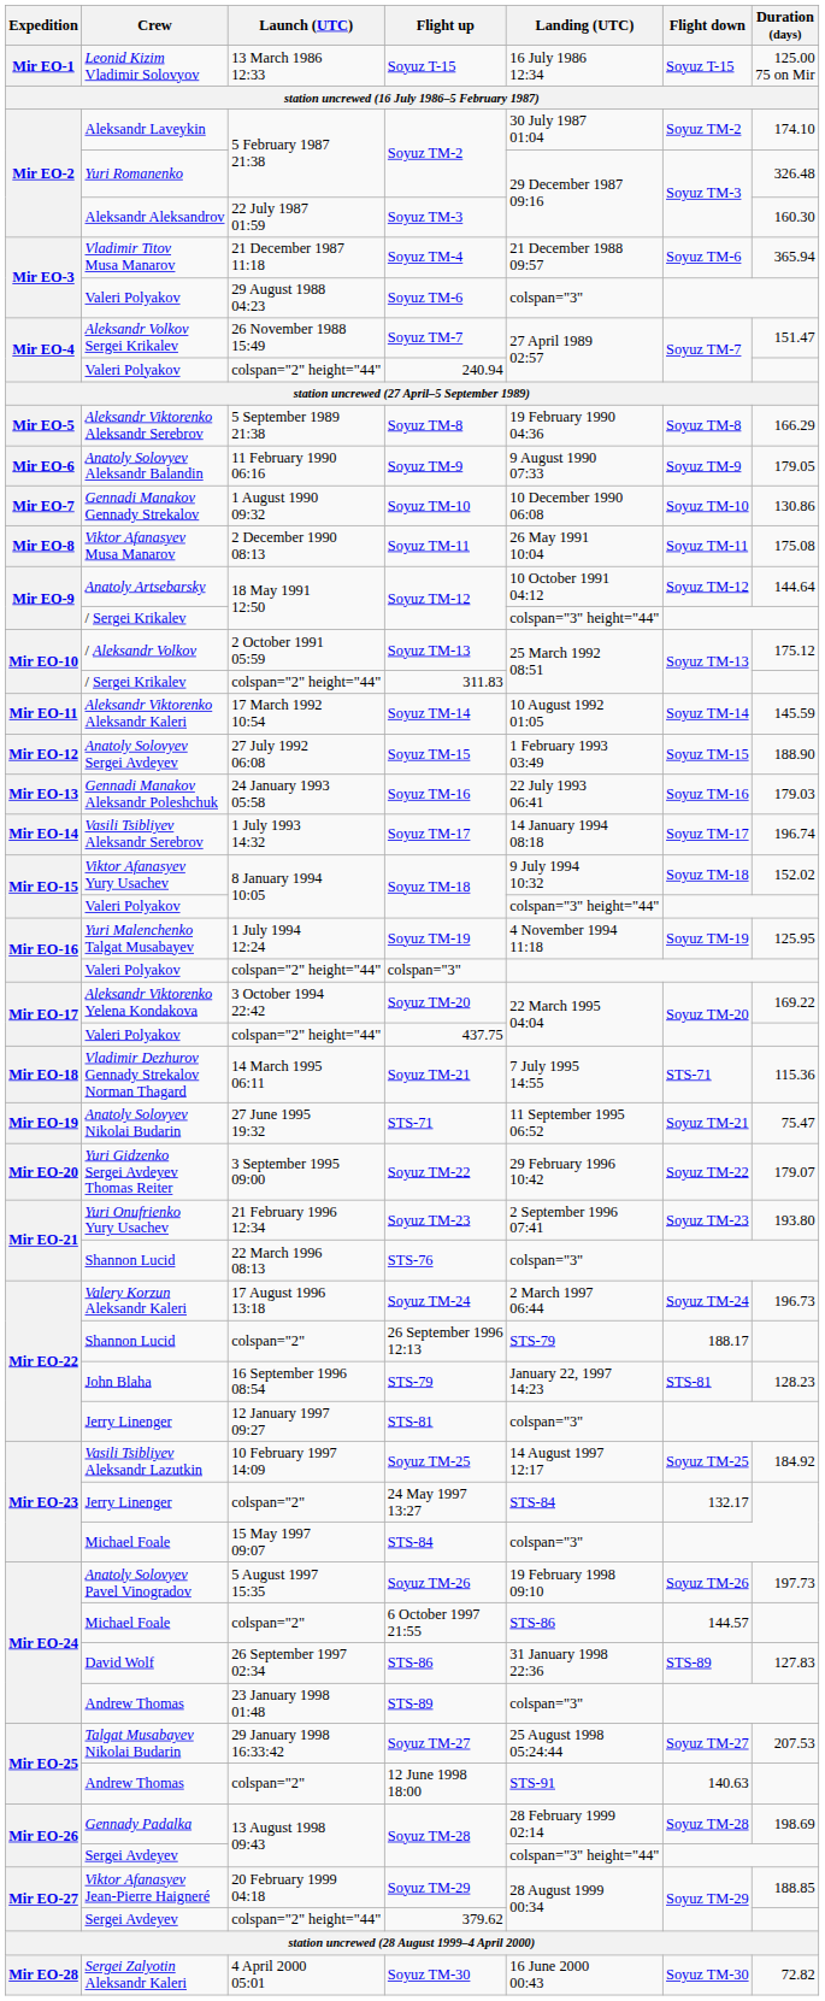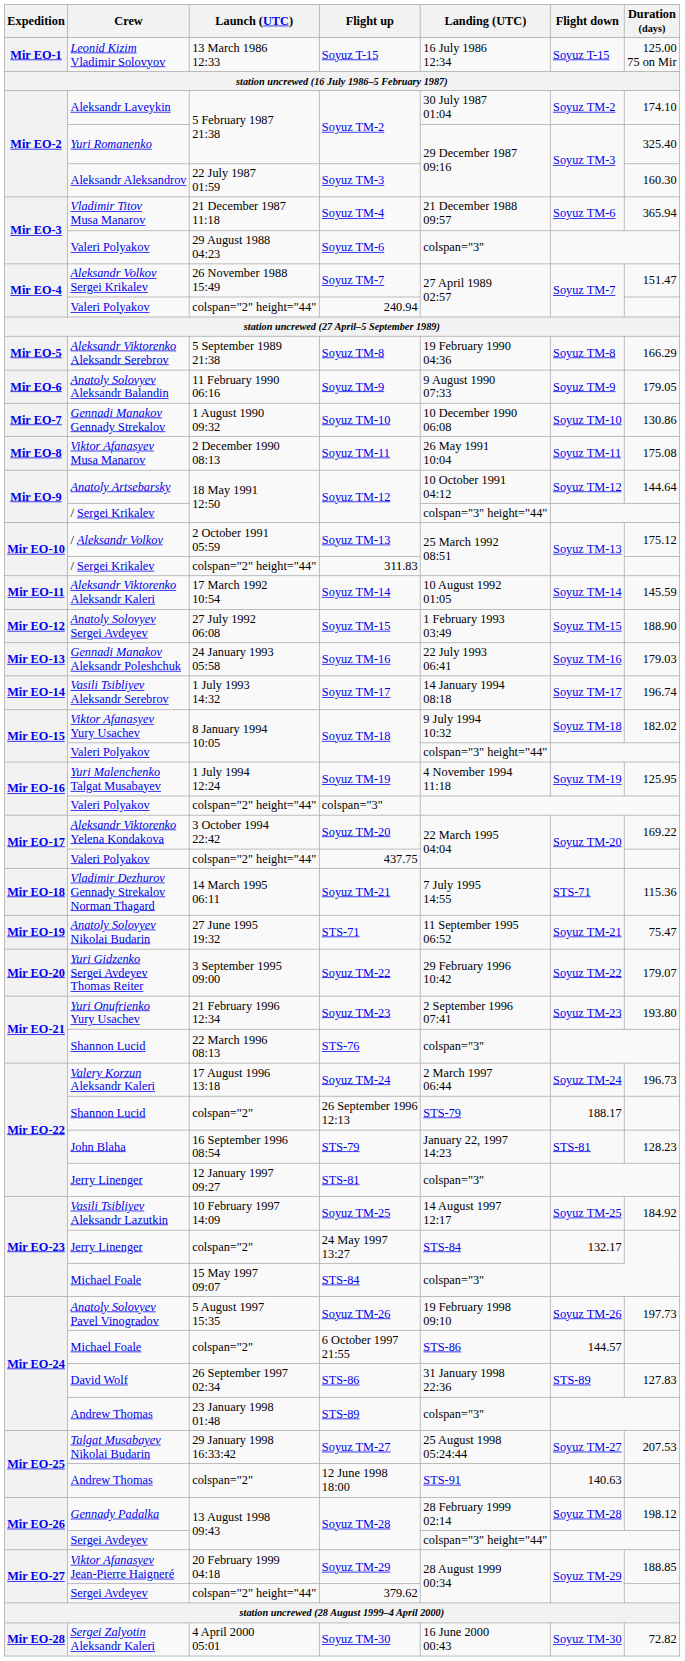 <table class="wikitable sticky-header">
 <tr>
 <th>Expedition</th>
 <th>Crew</th>
 <th>Launch (<a href='#'>UTC</a>)</th>
 <th>Flight up</th>
 <th>Landing (UTC)</th>
 <th>Flight down</th>
 <th>Duration<br><small>(days)</small></th>
 </tr>
 <tr>
 <th><a href='#'>Mir EO-1</a></th>
 <td> <em><a href='#'>Leonid Kizim</a></em><br> <a href='#'>Vladimir Solovyov</a></td>
 <td>13 March 1986<br>12:33</td>
 <td><a href='#'>Soyuz T-15</a></td>
 <td>16 July 1986<br>12:34</td>
 <td><a href='#'>Soyuz T-15</a></td>
 <td style="text-align: right">125.00<br>75 on Mir</td>
 </tr>
 <tr>
 <th colspan="7"><small><em>station uncrewed (16 July 1986–5 February 1987)</em></small></th>
 </tr>
 <tr>
 <th rowspan="3"><a href='#'>Mir EO-2</a></th>
 <td> <a href='#'>Aleksandr Laveykin</a></td>
 <td rowspan="2">5 February 1987<br>21:38</td>
 <td rowspan="2"><a href='#'>Soyuz TM-2</a></td>
 <td>30 July 1987<br>01:04</td>
 <td><a href='#'>Soyuz TM-2</a></td>
 <td style="text-align: right">174.10</td>
 </tr>
 <tr>
 <td> <em><a href='#'>Yuri Romanenko</a></em></td>
 <td rowspan="2">29 December 1987<br>09:16</td>
 <td rowspan="2"><a href='#'>Soyuz TM-3</a></td>
-<td style="text-align: right" height="44">326.48</td>
+<td style="text-align: right" height="44">325.40</td>
 </tr>
 <tr>
 <td> <a href='#'>Aleksandr Aleksandrov</a></td>
 <td>22 July 1987<br>01:59</td>
 <td><a href='#'>Soyuz TM-3</a></td>
 <td style="text-align: right">160.30</td>
 </tr>
 <tr>
 <th rowspan="2"><a href='#'>Mir EO-3</a></th>
 <td> <em><a href='#'>Vladimir Titov</a></em><br> <a href='#'>Musa Manarov</a></td>
 <td>21 December 1987<br>11:18</td>
 <td><a href='#'>Soyuz TM-4</a></td>
 <td>21 December 1988<br>09:57</td>
 <td><a href='#'>Soyuz TM-6</a></td>
 <td style="text-align: right">365.94</td>
 </tr>
 <tr>
 <td> <a href='#'>Valeri Polyakov</a></td>
 <td>29 August 1988<br>04:23</td>
 <td><a href='#'>Soyuz TM-6</a></td>
 <td>colspan="3" </td>
 </tr>
 <tr>
 <th rowspan="2"><a href='#'>Mir EO-4</a></th>
 <td> <em><a href='#'>Aleksandr Volkov</a></em><br> <a href='#'>Sergei Krikalev</a></td>
 <td>26 November 1988<br>15:49</td>
 <td><a href='#'>Soyuz TM-7</a></td>
 <td rowspan="2">27 April 1989<br>02:57</td>
 <td rowspan="2"><a href='#'>Soyuz TM-7</a></td>
 <td style="text-align: right">151.47</td>
 </tr>
 <tr>
 <td> <a href='#'>Valeri Polyakov</a></td>
 <td>colspan="2" height="44" </td>
 <td style="text-align: right">240.94</td>
 </tr>
 <tr>
 <th colspan="7"><small><em>station uncrewed (27 April–5 September 1989)</em></small></th>
 </tr>
 <tr>
 <th><a href='#'>Mir EO-5</a></th>
 <td> <em><a href='#'>Aleksandr Viktorenko</a></em><br> <a href='#'>Aleksandr Serebrov</a></td>
 <td>5 September 1989<br>21:38</td>
 <td><a href='#'>Soyuz TM-8</a></td>
 <td>19 February 1990<br>04:36</td>
 <td><a href='#'>Soyuz TM-8</a></td>
 <td style="text-align: right">166.29</td>
 </tr>
 <tr>
 <th><a href='#'>Mir EO-6</a></th>
 <td> <em><a href='#'>Anatoly Solovyev</a></em><br> <a href='#'>Aleksandr Balandin</a></td>
 <td>11 February 1990<br>06:16</td>
 <td><a href='#'>Soyuz TM-9</a></td>
 <td>9 August 1990<br>07:33</td>
 <td><a href='#'>Soyuz TM-9</a></td>
 <td style="text-align: right">179.05</td>
 </tr>
 <tr>
 <th><a href='#'>Mir EO-7</a></th>
 <td> <em><a href='#'>Gennadi Manakov</a></em><br> <a href='#'>Gennady Strekalov</a></td>
 <td>1 August 1990<br>09:32</td>
 <td><a href='#'>Soyuz TM-10</a></td>
 <td>10 December 1990<br>06:08</td>
 <td><a href='#'>Soyuz TM-10</a></td>
 <td style="text-align: right">130.86</td>
 </tr>
 <tr>
 <th><a href='#'>Mir EO-8</a></th>
 <td> <em><a href='#'>Viktor Afanasyev</a></em><br> <a href='#'>Musa Manarov</a></td>
 <td>2 December 1990<br>08:13</td>
 <td><a href='#'>Soyuz TM-11</a></td>
 <td>26 May 1991<br>10:04</td>
 <td><a href='#'>Soyuz TM-11</a></td>
 <td style="text-align: right">175.08</td>
 </tr>
 <tr>
 <th rowspan="2"><a href='#'>Mir EO-9</a></th>
 <td> <em><a href='#'>Anatoly Artsebarsky</a></em></td>
 <td rowspan="2">18 May 1991<br>12:50</td>
 <td rowspan="2"><a href='#'>Soyuz TM-12</a></td>
 <td>10 October 1991<br>04:12</td>
 <td><a href='#'>Soyuz TM-12</a></td>
 <td style="text-align: right">144.64</td>
 </tr>
 <tr>
 <td> /  <a href='#'>Sergei Krikalev</a></td>
 <td>colspan="3" height="44" </td>
 </tr>
 <tr>
 <th rowspan="2"><a href='#'>Mir EO-10</a></th>
 <td> /  <em><a href='#'>Aleksandr Volkov</a></em></td>
 <td>2 October 1991<br>05:59</td>
 <td><a href='#'>Soyuz TM-13</a></td>
 <td rowspan="2">25 March 1992<br>08:51</td>
 <td rowspan="2"><a href='#'>Soyuz TM-13</a></td>
 <td style="text-align: right">175.12</td>
 </tr>
 <tr>
 <td> /  <a href='#'>Sergei Krikalev</a></td>
 <td>colspan="2" height="44" </td>
 <td style="text-align: right">311.83</td>
 </tr>
 <tr>
 <th><a href='#'>Mir EO-11</a></th>
 <td> <em><a href='#'>Aleksandr Viktorenko</a></em><br> <a href='#'>Aleksandr Kaleri</a></td>
 <td>17 March 1992<br>10:54</td>
 <td><a href='#'>Soyuz TM-14</a></td>
 <td>10 August 1992<br>01:05</td>
 <td><a href='#'>Soyuz TM-14</a></td>
 <td style="text-align: right">145.59</td>
 </tr>
 <tr>
 <th><a href='#'>Mir EO-12</a></th>
 <td> <em><a href='#'>Anatoly Solovyev</a></em><br> <a href='#'>Sergei Avdeyev</a></td>
 <td>27 July 1992<br>06:08</td>
 <td><a href='#'>Soyuz TM-15</a></td>
 <td>1 February 1993<br>03:49</td>
 <td><a href='#'>Soyuz TM-15</a></td>
 <td style="text-align: right">188.90</td>
 </tr>
 <tr>
 <th><a href='#'>Mir EO-13</a></th>
 <td> <em><a href='#'>Gennadi Manakov</a></em><br> <a href='#'>Aleksandr Poleshchuk</a></td>
 <td>24 January 1993<br>05:58</td>
 <td><a href='#'>Soyuz TM-16</a></td>
 <td>22 July 1993<br>06:41</td>
 <td><a href='#'>Soyuz TM-16</a></td>
 <td style="text-align: right">179.03</td>
 </tr>
 <tr>
 <th><a href='#'>Mir EO-14</a></th>
 <td> <em><a href='#'>Vasili Tsibliyev</a></em><br> <a href='#'>Aleksandr Serebrov</a></td>
 <td>1 July 1993<br>14:32</td>
 <td><a href='#'>Soyuz TM-17</a></td>
 <td>14 January 1994<br>08:18</td>
 <td><a href='#'>Soyuz TM-17</a></td>
 <td style="text-align: right">196.74</td>
 </tr>
 <tr>
 <th rowspan="2"><a href='#'>Mir EO-15</a></th>
 <td> <em><a href='#'>Viktor Afanasyev</a></em><br> <a href='#'>Yury Usachev</a></td>
 <td rowspan="2">8 January 1994<br>10:05</td>
 <td rowspan="2"><a href='#'>Soyuz TM-18</a></td>
 <td>9 July 1994<br>10:32</td>
 <td><a href='#'>Soyuz TM-18</a></td>
-<td style="text-align: right">152.02</td>
+<td style="text-align: right">182.02</td>
 </tr>
 <tr>
 <td> <a href='#'>Valeri Polyakov</a></td>
 <td>colspan="3" height="44" </td>
 </tr>
 <tr>
 <th rowspan="2"><a href='#'>Mir EO-16</a></th>
 <td> <em><a href='#'>Yuri Malenchenko</a></em><br> <a href='#'>Talgat Musabayev</a></td>
 <td>1 July 1994<br>12:24</td>
 <td><a href='#'>Soyuz TM-19</a></td>
 <td>4 November 1994<br>11:18</td>
 <td><a href='#'>Soyuz TM-19</a></td>
 <td style="text-align: right">125.95</td>
 </tr>
 <tr>
 <td> <a href='#'>Valeri Polyakov</a></td>
 <td>colspan="2" height="44" </td>
 <td>colspan="3" </td>
 </tr>
 <tr>
 <th rowspan="2"><a href='#'>Mir EO-17</a></th>
 <td> <em><a href='#'>Aleksandr Viktorenko</a></em><br> <a href='#'>Yelena Kondakova</a></td>
 <td>3 October 1994<br>22:42</td>
 <td><a href='#'>Soyuz TM-20</a></td>
 <td rowspan="2">22 March 1995<br>04:04</td>
 <td rowspan="2"><a href='#'>Soyuz TM-20</a></td>
 <td style="text-align: right">169.22</td>
 </tr>
 <tr>
 <td> <a href='#'>Valeri Polyakov</a></td>
 <td>colspan="2" height="44" </td>
 <td style="text-align: right">437.75</td>
 </tr>
 <tr>
 <th><a href='#'>Mir EO-18</a></th>
 <td> <em><a href='#'>Vladimir Dezhurov</a></em><br> <a href='#'>Gennady Strekalov</a><br> <a href='#'>Norman Thagard</a></td>
 <td>14 March 1995<br>06:11</td>
 <td><a href='#'>Soyuz TM-21</a></td>
 <td>7 July 1995<br>14:55</td>
 <td><a href='#'>STS-71</a></td>
 <td style="text-align: right">115.36</td>
 </tr>
 <tr>
 <th><a href='#'>Mir EO-19</a></th>
 <td> <em><a href='#'>Anatoly Solovyev</a></em><br> <a href='#'>Nikolai Budarin</a></td>
 <td>27 June 1995<br>19:32</td>
 <td><a href='#'>STS-71</a></td>
 <td>11 September 1995<br>06:52</td>
 <td><a href='#'>Soyuz TM-21</a></td>
 <td style="text-align: right">75.47</td>
 </tr>
 <tr>
 <th><a href='#'>Mir EO-20</a></th>
 <td> <em><a href='#'>Yuri Gidzenko</a></em><br> <a href='#'>Sergei Avdeyev</a><br> <a href='#'>Thomas Reiter</a></td>
 <td>3 September 1995<br>09:00</td>
 <td><a href='#'>Soyuz TM-22</a></td>
 <td>29 February 1996<br>10:42</td>
 <td><a href='#'>Soyuz TM-22</a></td>
 <td style="text-align: right">179.07</td>
 </tr>
 <tr>
 <th rowspan="2"><a href='#'>Mir EO-21</a></th>
 <td> <em><a href='#'>Yuri Onufrienko</a></em><br> <a href='#'>Yury Usachev</a></td>
 <td>21 February 1996<br>12:34</td>
 <td><a href='#'>Soyuz TM-23</a></td>
 <td>2 September 1996<br>07:41</td>
 <td><a href='#'>Soyuz TM-23</a></td>
 <td style="text-align: right">193.80</td>
 </tr>
 <tr>
 <td> <a href='#'>Shannon Lucid</a></td>
 <td>22 March 1996<br>08:13</td>
 <td><a href='#'>STS-76</a></td>
 <td>colspan="3" </td>
 </tr>
 <tr>
 <th rowspan="4"><a href='#'>Mir EO-22</a></th>
 <td> <em><a href='#'>Valery Korzun</a></em><br> <a href='#'>Aleksandr Kaleri</a></td>
 <td>17 August 1996<br>13:18</td>
 <td><a href='#'>Soyuz TM-24</a></td>
 <td>2 March 1997<br>06:44</td>
 <td><a href='#'>Soyuz TM-24</a></td>
 <td style="text-align: right">196.73</td>
 </tr>
 <tr>
 <td> <a href='#'>Shannon Lucid</a></td>
 <td>colspan="2" </td>
 <td>26 September 1996<br>12:13</td>
 <td><a href='#'>STS-79</a></td>
 <td style="text-align: right">188.17</td>
 </tr>
 <tr>
 <td> <a href='#'>John Blaha</a></td>
 <td>16 September 1996<br>08:54</td>
 <td><a href='#'>STS-79</a></td>
 <td>January 22, 1997<br>14:23</td>
 <td><a href='#'>STS-81</a></td>
 <td style="text-align: right">128.23</td>
 </tr>
 <tr>
 <td> <a href='#'>Jerry Linenger</a></td>
 <td>12 January 1997<br>09:27</td>
 <td><a href='#'>STS-81</a></td>
 <td>colspan="3" </td>
 </tr>
 <tr>
 <th rowspan="3"><a href='#'>Mir EO-23</a></th>
 <td> <em><a href='#'>Vasili Tsibliyev</a></em><br> <a href='#'>Aleksandr Lazutkin</a></td>
 <td>10 February 1997<br>14:09</td>
 <td><a href='#'>Soyuz TM-25</a></td>
 <td>14 August 1997<br>12:17</td>
 <td><a href='#'>Soyuz TM-25</a></td>
 <td style="text-align: right">184.92</td>
 </tr>
 <tr>
 <td> <a href='#'>Jerry Linenger</a></td>
 <td>colspan="2" </td>
 <td>24 May 1997<br>13:27</td>
 <td><a href='#'>STS-84</a></td>
 <td style="text-align: right">132.17</td>
 </tr>
 <tr>
 <td>  <a href='#'>Michael Foale</a></td>
 <td>15 May 1997<br>09:07</td>
 <td><a href='#'>STS-84</a></td>
 <td>colspan="3" </td>
 </tr>
 <tr>
 <th rowspan="4"><a href='#'>Mir EO-24</a></th>
 <td> <em><a href='#'>Anatoly Solovyev</a></em><br> <a href='#'>Pavel Vinogradov</a></td>
 <td>5 August 1997<br>15:35</td>
 <td><a href='#'>Soyuz TM-26</a></td>
 <td>19 February 1998<br>09:10</td>
 <td><a href='#'>Soyuz TM-26</a></td>
 <td style="text-align: right">197.73</td>
 </tr>
 <tr>
 <td>  <a href='#'>Michael Foale</a></td>
 <td>colspan="2" </td>
 <td>6 October 1997<br>21:55</td>
 <td><a href='#'>STS-86</a></td>
 <td style="text-align: right">144.57</td>
 </tr>
 <tr>
 <td> <a href='#'>David Wolf</a></td>
 <td>26 September 1997<br>02:34</td>
 <td><a href='#'>STS-86</a></td>
 <td>31 January 1998<br>22:36</td>
 <td><a href='#'>STS-89</a></td>
 <td style="text-align: right">127.83</td>
 </tr>
 <tr>
 <td> <a href='#'>Andrew Thomas</a></td>
 <td>23 January 1998<br>01:48</td>
 <td><a href='#'>STS-89</a></td>
 <td>colspan="3" </td>
 </tr>
 <tr>
 <th rowspan="2"><a href='#'>Mir EO-25</a></th>
 <td> <em><a href='#'>Talgat Musabayev</a></em><br> <a href='#'>Nikolai Budarin</a></td>
 <td>29 January 1998<br>16:33:42</td>
 <td><a href='#'>Soyuz TM-27</a></td>
 <td>25 August 1998<br>05:24:44</td>
 <td><a href='#'>Soyuz TM-27</a></td>
 <td style="text-align: right">207.53</td>
 </tr>
 <tr>
 <td> <a href='#'>Andrew Thomas</a></td>
 <td>colspan="2" </td>
 <td>12 June 1998<br>18:00</td>
 <td><a href='#'>STS-91</a></td>
 <td style="text-align: right">140.63</td>
 </tr>
 <tr>
 <th rowspan="2"><a href='#'>Mir EO-26</a></th>
 <td> <em><a href='#'>Gennady Padalka</a></em></td>
 <td rowspan="2">13 August 1998<br>09:43</td>
 <td rowspan="2"><a href='#'>Soyuz TM-28</a></td>
 <td>28 February 1999<br>02:14</td>
 <td><a href='#'>Soyuz TM-28</a></td>
-<td style="text-align: right">198.69</td>
+<td style="text-align: right">198.12</td>
 </tr>
 <tr>
 <td> <a href='#'>Sergei Avdeyev</a></td>
 <td>colspan="3" height="44" </td>
 </tr>
 <tr>
 <th rowspan="2"><a href='#'>Mir EO-27</a></th>
 <td> <em><a href='#'>Viktor Afanasyev</a></em><br> <a href='#'>Jean-Pierre Haigneré</a></td>
 <td>20 February 1999<br>04:18</td>
 <td><a href='#'>Soyuz TM-29</a></td>
 <td rowspan="2">28 August 1999<br>00:34</td>
 <td rowspan="2"><a href='#'>Soyuz TM-29</a></td>
 <td style="text-align: right">188.85</td>
 </tr>
 <tr>
 <td> <a href='#'>Sergei Avdeyev</a></td>
 <td>colspan="2" height="44" </td>
 <td style="text-align: right">379.62</td>
 </tr>
 <tr>
 <th colspan="7"><small><em>station uncrewed (28 August 1999–4 April 2000)</em></small></th>
 </tr>
 <tr>
 <th><a href='#'>Mir EO-28</a></th>
 <td> <em><a href='#'>Sergei Zalyotin</a></em><br> <a href='#'>Aleksandr Kaleri</a></td>
 <td>4 April 2000<br>05:01</td>
 <td><a href='#'>Soyuz TM-30</a></td>
 <td>16 June 2000<br>00:43</td>
 <td><a href='#'>Soyuz TM-30</a></td>
 <td style="text-align: right">72.82</td>
 </tr>
 </table>
